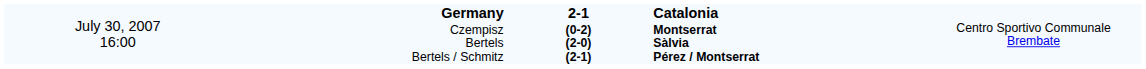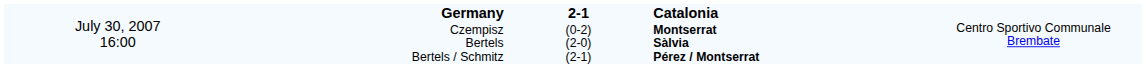 <table style="width: 100%; background:#F5FAFF;" cellspacing="0">
 <tr>
 <td align=center rowspan=3 width=20%>July 30, 2007<br>16:00</td>
 </tr>
 <tr>
 <td width=24% align=right><strong>Germany</strong></td>
 <td align=center width=13%><strong>2-1</strong></td>
 <td width=24%><strong>Catalonia</strong></td>
 <td style=font-size:85% rowspan=3 valign=middle align=center>Centro Sportivo Communale<br><a href='#'>Brembate</a></td>
 </tr>
 <tr style=font-size:85%>
 <td align=right valign=top>Czempisz<br>Bertels<br>Bertels / Schmitz</td>
-<td align=center><strong>(0-2)<br>(2-0)<br>(2-1)</strong></td>
+<td align=center>(0-2)<br>(2-0)<br>(2-1)</td>
 <td><strong>Montserrat<br>Sàlvia<br>Pérez / Montserrat</strong></td>
 </tr>
 </table>
